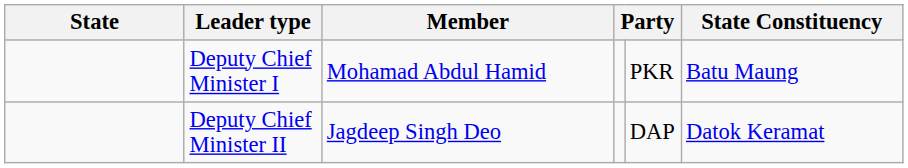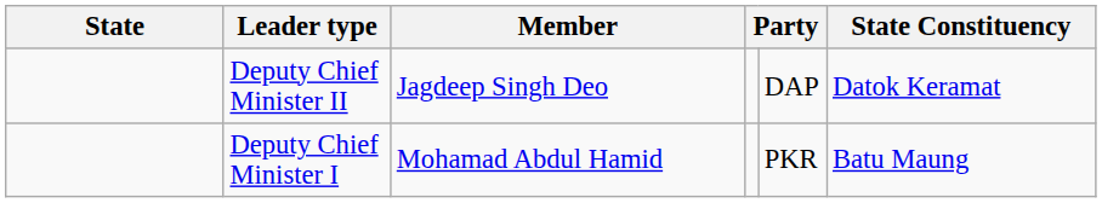 <table class ="wikitable sortable">
 <tr>
 <th style="width:120px;">State</th>
 <th style="width:90px;">Leader type</th>
 <th style="width:200px;">Member</th>
 <th style="width:40px;" colspan=2>Party</th>
 <th style="width:150px;">State Constituency</th>
 </tr>
 <tr>
 <td></td>
+<td><a href='#'>Deputy Chief Minister II</a></td>
+<td><a href='#'>Jagdeep Singh Deo</a></td>
+<td></td>
+<td>DAP</td>
+<td><a href='#'>Datok Keramat</a></td>
+</tr>
+<tr>
+<td></td>
 <td><a href='#'>Deputy Chief Minister I</a></td>
 <td><a href='#'>Mohamad Abdul Hamid</a></td>
 <td></td>
 <td>PKR</td>
 <td><a href='#'>Batu Maung</a></td>
 </tr>
-<tr>
-<td></td>
-<td><a href='#'>Deputy Chief Minister II</a></td>
-<td><a href='#'>Jagdeep Singh Deo</a></td>
-<td></td>
-<td>DAP</td>
-<td><a href='#'>Datok Keramat</a></td>
-</tr>
 </table>
